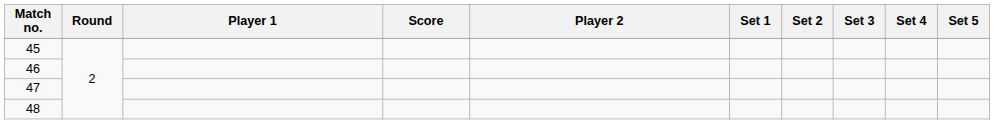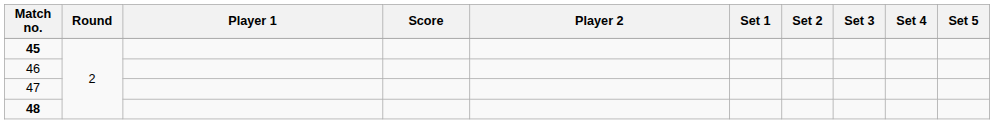 <table class="wikitable" style="text-align: center;">
 <tr>
 <th width="2%">Match no.</th>
 <th width="2%">Round</th>
 <th width="15%">Player 1</th>
 <th width="5%">Score</th>
 <th width="15%">Player 2</th>
 <th width="3%">Set 1</th>
 <th width="3%">Set 2</th>
 <th width="3%">Set 3</th>
 <th width="3%">Set 4</th>
 <th width="3%">Set 5</th>
 </tr>
 <tr>
 </tr>
 <tr style=text-align:center;>
-<td>45</td>
+<td><strong>45</strong></td>
 <td rowspan=4>2</td>
 <td></td>
 <td></td>
 <td></td>
 <td></td>
 <td></td>
 <td></td>
 <td></td>
 <td></td>
 </tr>
 <tr style=text-align:center;>
 <td>46</td>
 <td></td>
 <td></td>
 <td></td>
 <td></td>
 <td></td>
 <td></td>
 <td></td>
 <td></td>
 </tr>
 <tr style=text-align:center;>
 <td>47</td>
 <td></td>
 <td></td>
 <td></td>
 <td></td>
 <td></td>
 <td></td>
 <td></td>
 <td></td>
 </tr>
 <tr style=text-align:center;>
-<td>48</td>
+<td><strong>48</strong></td>
 <td></td>
 <td></td>
 <td></td>
 <td></td>
 <td></td>
 <td></td>
 <td></td>
 <td></td>
 </tr>
 </table>
